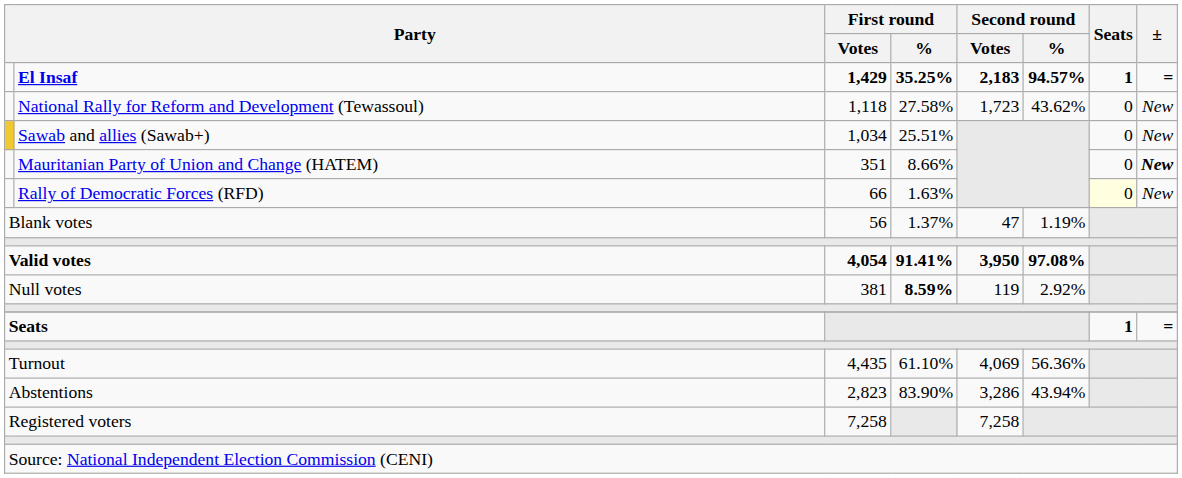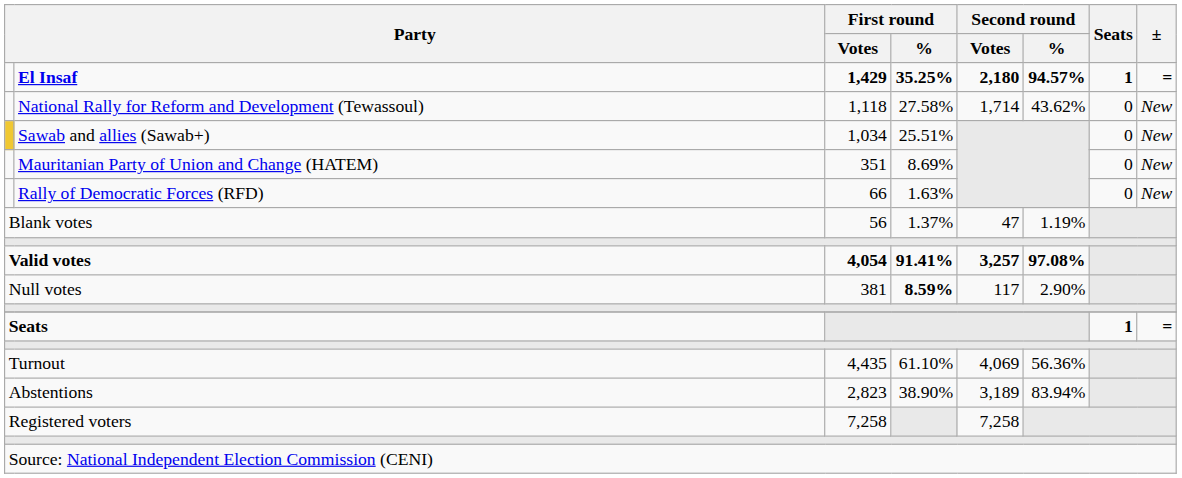 <table class="wikitable" style="text-align:right;font-size:95%;">
 <tr>
 <th rowspan="2" colspan="2" width="700">Party</th>
 <th colspan="2">First round</th>
 <th colspan="2">Second round</th>
 <th rowspan="2" width="25">Seats</th>
 <th rowspan="2" width="20">±</th>
 </tr>
 <tr>
 <th width="50">Votes</th>
 <th width="50">%</th>
 <th width="50">Votes</th>
 <th width="50">%</th>
 </tr>
 <tr>
 <td width="1" style="color:inherit;background:"></td>
 <td style="text-align:left;"><strong><a href='#'>El Insaf</a></strong></td>
 <td><strong>1,429</strong></td>
 <td><strong>35.25%</strong></td>
-<td><strong>2,183</strong></td>
+<td><strong>2,180</strong></td>
 <td><strong>94.57%</strong></td>
 <td><strong>1</strong></td>
 <td><strong>=</strong></td>
 </tr>
 <tr>
 <td width="1" style="color:inherit;background:"></td>
 <td style="text-align:left;"><a href='#'>National Rally for Reform and Development</a> (Tewassoul)</td>
 <td>1,118</td>
 <td>27.58%</td>
-<td>1,723</td>
+<td>1,714</td>
 <td>43.62%</td>
 <td>0</td>
 <td><em>New</em></td>
 </tr>
 <tr>
 <td width="1" style="color:inherit;background:#F0C832;"></td>
 <td style="text-align:left;"><a href='#'>Sawab</a> and <a href='#'>allies</a> (Sawab+)</td>
 <td>1,034</td>
 <td>25.51%</td>
 <td colspan="2" rowspan="3" style="background:#E9E9E9;"></td>
 <td>0</td>
 <td><em>New</em></td>
 </tr>
 <tr>
 <td width="1" style="color:inherit;background:"></td>
 <td style="text-align:left;"><a href='#'>Mauritanian Party of Union and Change</a> (HATEM)</td>
 <td>351</td>
-<td>8.66%</td>
+<td>8.69%</td>
 <td>0</td>
-<td><strong><em>New</em></strong></td>
+<td><em>New</em></td>
 </tr>
 <tr>
 <td width="1" style="color:inherit;background:"></td>
 <td style="text-align:left;"><a href='#'>Rally of Democratic Forces</a> (RFD)</td>
 <td>66</td>
 <td>1.63%</td>
-<td style="background: lightyellow;">0</td>
+<td>0</td>
 <td><em>New</em></td>
 </tr>
 <tr>
 <td colspan="2" style="text-align:left;">Blank votes</td>
 <td>56</td>
 <td>1.37%</td>
 <td>47</td>
 <td>1.19%</td>
 <td colspan="2" style="background:#E9E9E9;"></td>
 </tr>
 <tr>
 <td colspan="8" style="background:#E9E9E9;"></td>
 </tr>
 <tr style="font-weight:bold;">
 <td colspan="2" style="text-align:left;">Valid votes</td>
 <td>4,054</td>
 <td>91.41%</td>
-<td>3,950</td>
+<td>3,257</td>
 <td>97.08%</td>
 <td colspan="2" style="background:#E9E9E9;"></td>
 </tr>
 <tr>
 <td colspan="2" style="text-align:left;">Null votes</td>
 <td>381</td>
 <td><strong>8.59%</strong></td>
-<td>119</td>
-<td>2.92%</td>
+<td>117</td>
+<td>2.90%</td>
 <td colspan="2" style="background:#E9E9E9;"></td>
 </tr>
 <tr>
 <td colspan="8" style="background:#E9E9E9;"></td>
 </tr>
 <tr>
 </tr>
 <tr style="font-weight:bold;">
 <td colspan="2" style="text-align:left;">Seats</td>
 <td colspan="4" style="background:#E9E9E9;"></td>
 <td>1</td>
 <td>=</td>
 </tr>
 <tr>
 <td colspan="8" style="background:#E9E9E9;"></td>
 </tr>
 <tr>
 <td colspan="2" style="text-align:left;">Turnout</td>
 <td>4,435</td>
 <td>61.10%</td>
 <td>4,069</td>
 <td>56.36%</td>
 <td colspan="2" style="background:#E9E9E9;"></td>
 </tr>
 <tr>
 <td colspan="2" style="text-align:left;">Abstentions</td>
 <td>2,823</td>
-<td>83.90%</td>
-<td>3,286</td>
-<td>43.94%</td>
+<td>38.90%</td>
+<td>3,189</td>
+<td>83.94%</td>
 <td colspan="2" style="background:#E9E9E9;"></td>
 </tr>
 <tr>
 <td colspan="2" style="text-align:left;">Registered voters</td>
 <td>7,258</td>
 <td style="color:inherit;background:#E9E9E9;"></td>
 <td>7,258</td>
 <td colspan="3" style="background:#E9E9E9;"></td>
 </tr>
 <tr>
 <td colspan="8" style="background:#E9E9E9;"></td>
 </tr>
 <tr>
 <td colspan="8" style="text-align:left;">Source: <a href='#'>National Independent Election Commission</a> (CENI)</td>
 </tr>
 </table>
